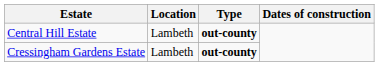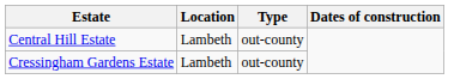 <table class="wikitable sortable">
 <tr>
 <th>Estate</th>
 <th>Location</th>
 <th>Type</th>
 <th>Dates of construction</th>
 </tr>
 <tr>
 <td><a href='#'>Central Hill Estate</a></td>
 <td>Lambeth</td>
-<td><strong>out-county</strong></td>
+<td>out-county</td>
 </tr>
 <tr>
 <td><a href='#'>Cressingham Gardens Estate</a></td>
 <td>Lambeth</td>
-<td><strong>out-county</strong></td>
+<td>out-county</td>
 </tr>
 </table>
